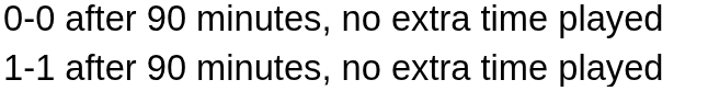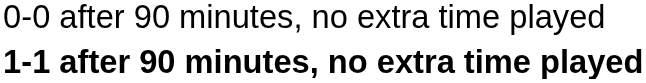 <table>
 <tr>
 <td> 0-0 after 90 minutes, no extra time played</td>
 </tr>
 <tr>
-<td> 1-1 after 90 minutes, no extra time played</td>
+<td><strong> 1-1 after 90 minutes, no extra time played</strong></td>
 </tr>
 </table>
